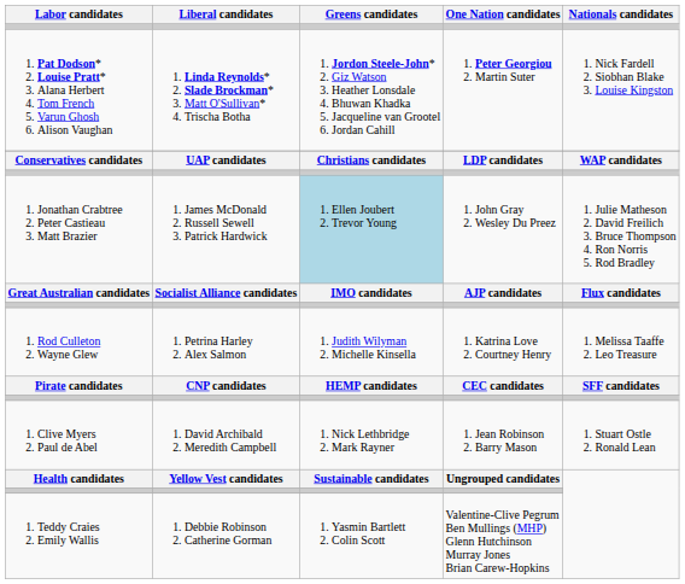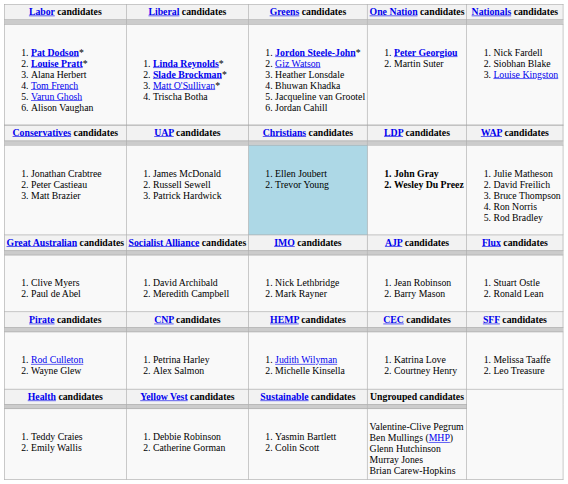 <table class="wikitable">
 <tr>
 <th><a href='#'>Labor</a> candidates</th>
 <th><a href='#'>Liberal</a> candidates</th>
 <th><a href='#'>Greens</a> candidates</th>
 <th><a href='#'>One Nation</a> candidates</th>
 <th><a href='#'>Nationals</a> candidates</th>
 </tr>
 <tr style="background:#ccc;">
 <td></td>
 <td></td>
 <td></td>
 <td></td>
 <td></td>
 </tr>
 <tr>
 <td><br><ol><li><strong><a href='#'>Pat Dodson</a></strong>*</li><li><strong><a href='#'>Louise Pratt</a></strong>*</li><li>Alana Herbert</li><li><a href='#'>Tom French</a></li><li><a href='#'>Varun Ghosh</a></li><li>Alison Vaughan</li></ol></td>
 <td><br><ol><li><strong><a href='#'>Linda Reynolds</a></strong>*</li><li><strong><a href='#'>Slade Brockman</a></strong>*</li><li><a href='#'>Matt O'Sullivan</a>*</li><li>Trischa Botha</li></ol></td>
 <td><br><ol><li><strong><a href='#'>Jordon Steele-John</a></strong>*</li><li><a href='#'>Giz Watson</a></li><li>Heather Lonsdale</li><li>Bhuwan Khadka</li><li>Jacqueline van Grootel</li><li>Jordan Cahill</li></ol></td>
 <td valign="top"><br><ol><li><strong><a href='#'>Peter Georgiou</a></strong></li><li>Martin Suter</li></ol></td>
 <td valign=top><br><ol><li>Nick Fardell</li><li>Siobhan Blake</li><li><a href='#'>Louise Kingston</a></li></ol></td>
 </tr>
 <tr>
 </tr>
 <tr style="background:#ccc;">
 <th><a href='#'>Conservatives</a> candidates</th>
 <th><a href='#'>UAP</a> candidates</th>
 <th><a href='#'>Christians</a> candidates</th>
 <th><a href='#'>LDP</a> candidates</th>
 <th><a href='#'>WAP</a> candidates</th>
 </tr>
 <tr style="background:#ccc;">
 <td></td>
 <td></td>
 <td></td>
 <td></td>
 <td></td>
 </tr>
 <tr>
 <td valign=top><br><ol><li>Jonathan Crabtree</li><li>Peter Castieau</li><li>Matt Brazier</li></ol></td>
 <td valign="top"><br><ol><li>James McDonald</li><li>Russell Sewell</li><li>Patrick Hardwick</li></ol></td>
 <td valign="top" style="background: lightblue;"><br><ol><li>Ellen Joubert</li><li>Trevor Young</li></ol></td>
-<td valign="top"><br><ol><li>John Gray</li><li>Wesley Du Preez</li></ol></td>
+<td valign="top"><strong><br><ol><li>John Gray</li><li>Wesley Du Preez</li></ol></strong></td>
 <td valign=top><br><ol><li>Julie Matheson</li><li>David Freilich</li><li>Bruce Thompson</li><li>Ron Norris</li><li>Rod Bradley</li></ol></td>
 </tr>
 <tr style="background:#ccc;">
 <th><a href='#'>Great Australian</a> candidates</th>
 <th><a href='#'>Socialist Alliance</a> candidates</th>
 <th><a href='#'>IMO</a> candidates</th>
 <th><a href='#'>AJP</a> candidates</th>
 <th><a href='#'>Flux</a> candidates</th>
 </tr>
 <tr style="background:#ccc;">
 <td></td>
 <td></td>
 <td></td>
 <td></td>
 <td></td>
 </tr>
 <tr>
-<td valign=top><br><ol><li><a href='#'>Rod Culleton</a></li><li>Wayne Glew</li></ol></td>
-<td valign="top"><br><ol><li>Petrina Harley</li><li>Alex Salmon</li></ol></td>
-<td valign="top"><br><ol><li><a href='#'>Judith Wilyman</a></li><li>Michelle Kinsella</li></ol></td>
-<td valign="top"><br><ol><li>Katrina Love</li><li>Courtney Henry</li></ol></td>
-<td valign="top"><br><ol><li>Melissa Taaffe</li><li>Leo Treasure</li></ol></td>
+<td valign="top"><br><ol><li>Clive Myers</li><li>Paul de Abel</li></ol></td>
+<td valign="top"><br><ol><li>David Archibald</li><li>Meredith Campbell</li></ol></td>
+<td valign="top"><br><ol><li>Nick Lethbridge</li><li>Mark Rayner</li></ol></td>
+<td valign="top"><br><ol><li>Jean Robinson</li><li>Barry Mason</li></ol></td>
+<td valign="top"><br><ol><li>Stuart Ostle</li><li>Ronald Lean</li></ol></td>
 </tr>
 <tr style="background:#ccc;">
 <th><a href='#'>Pirate</a> candidates</th>
 <th><a href='#'>CNP</a> candidates</th>
 <th><a href='#'>HEMP</a> candidates</th>
 <th><a href='#'>CEC</a> candidates</th>
 <th><a href='#'>SFF</a> candidates</th>
 </tr>
 <tr style="background:#ccc;">
 <td></td>
 <td></td>
 <td></td>
 <td></td>
 <td></td>
 </tr>
 <tr>
-<td valign="top"><br><ol><li>Clive Myers</li><li>Paul de Abel</li></ol></td>
-<td valign="top"><br><ol><li>David Archibald</li><li>Meredith Campbell</li></ol></td>
-<td valign="top"><br><ol><li>Nick Lethbridge</li><li>Mark Rayner</li></ol></td>
-<td valign="top"><br><ol><li>Jean Robinson</li><li>Barry Mason</li></ol></td>
-<td valign="top"><br><ol><li>Stuart Ostle</li><li>Ronald Lean</li></ol></td>
+<td valign=top><br><ol><li><a href='#'>Rod Culleton</a></li><li>Wayne Glew</li></ol></td>
+<td valign="top"><br><ol><li>Petrina Harley</li><li>Alex Salmon</li></ol></td>
+<td valign="top"><br><ol><li><a href='#'>Judith Wilyman</a></li><li>Michelle Kinsella</li></ol></td>
+<td valign="top"><br><ol><li>Katrina Love</li><li>Courtney Henry</li></ol></td>
+<td valign="top"><br><ol><li>Melissa Taaffe</li><li>Leo Treasure</li></ol></td>
 </tr>
 <tr style="background:#ccc;">
 <th><a href='#'>Health</a> candidates</th>
 <th><a href='#'>Yellow Vest</a> candidates</th>
 <th><a href='#'>Sustainable</a> candidates</th>
 <th>Ungrouped candidates</th>
 </tr>
 <tr style="background:#ccc;">
 <td></td>
 <td></td>
 <td></td>
 <td></td>
 </tr>
 <tr>
 <td valign="top"><br><ol><li>Teddy Craies</li><li>Emily Wallis</li></ol></td>
 <td valign="top"><br><ol><li>Debbie Robinson</li><li>Catherine Gorman</li></ol></td>
 <td valign="top"><br><ol><li>Yasmin Bartlett</li><li>Colin Scott</li></ol></td>
 <td valign="top"><br>Valentine-Clive Pegrum<br> Ben Mullings (<a href='#'>MHP</a>)<br> Glenn Hutchinson<br> Murray Jones<br> Brian Carew-Hopkins</td>
 </tr>
 </table>
